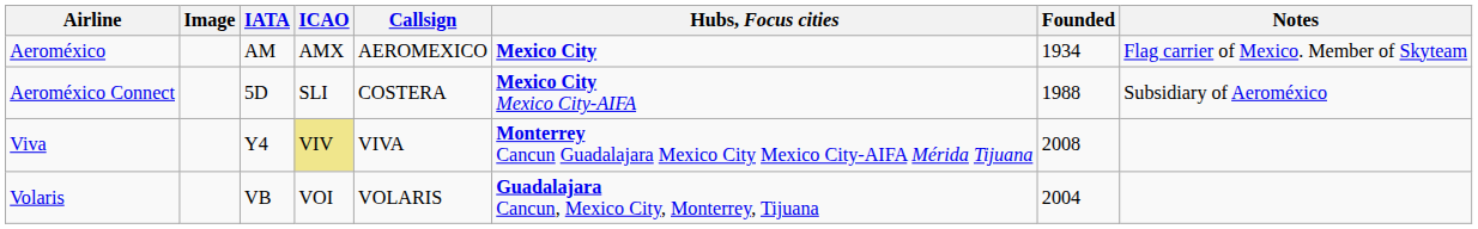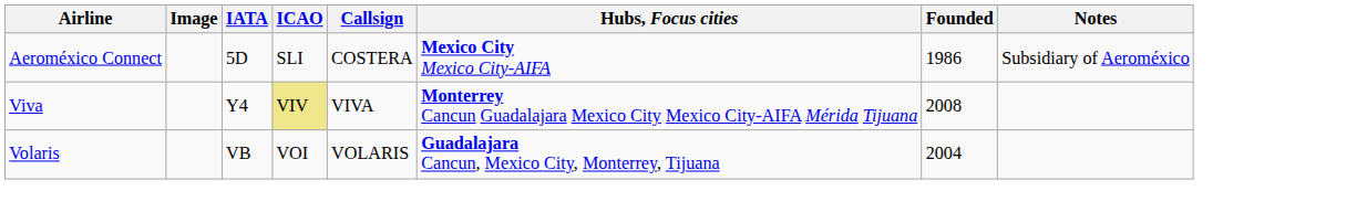 <table class="wikitable">
 <tr>
 <th>Airline</th>
 <th>Image</th>
 <th><a href='#'>IATA</a></th>
 <th><a href='#'>ICAO</a></th>
 <th><a href='#'>Callsign</a></th>
 <th>Hubs, <em>Focus cities</em></th>
 <th>Founded</th>
 <th>Notes</th>
 </tr>
 <tr>
-<td><a href='#'>Aeroméxico</a></td>
-<td></td>
-<td>AM</td>
-<td>AMX</td>
-<td>AEROMEXICO</td>
-<td><a href='#'><strong>Mexico City</strong></a></td>
-<td>1934</td>
-<td><a href='#'>Flag carrier</a> of <a href='#'>Mexico</a>. Member of <a href='#'>Skyteam</a></td>
-</tr>
-<tr>
 <td><a href='#'>Aeroméxico Connect</a></td>
 <td></td>
 <td>5D</td>
 <td>SLI</td>
 <td>COSTERA</td>
 <td><a href='#'><strong>Mexico City</strong></a><br><a href='#'><em>Mexico City-AIFA</em></a></td>
-<td>1988</td>
+<td>1986</td>
 <td>Subsidiary of <a href='#'>Aeroméxico</a></td>
 </tr>
 <tr>
 <td><a href='#'>Viva</a></td>
 <td></td>
 <td>Y4</td>
 <td style="background: khaki;">VIV</td>
 <td>VIVA</td>
 <td><a href='#'><strong>Monterrey</strong></a><br><a href='#'>Cancun</a> <a href='#'>Guadalajara</a> <a href='#'>Mexico City</a> <a href='#'>Mexico City-AIFA</a> <a href='#'><em>Mérida</em></a> <a href='#'><em>Tijuana</em></a></td>
 <td>2008</td>
 <td></td>
 </tr>
 <tr>
 <td><a href='#'>Volaris</a></td>
 <td></td>
 <td>VB</td>
 <td>VOI</td>
 <td>VOLARIS</td>
 <td><a href='#'><strong>Guadalajara</strong></a><br><a href='#'>Cancun</a>, <a href='#'>Mexico City</a>, <a href='#'>Monterrey</a>, <a href='#'>Tijuana</a></td>
 <td>2004</td>
 <td></td>
 </tr>
 </table>
